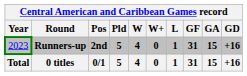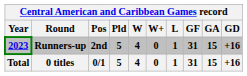 <table class="wikitable" style="text-align: center;">
 <tr>
 <th colspan=10><a href='#'>Central American and Caribbean Games</a> record</th>
 </tr>
 <tr>
 <th>Year</th>
 <th>Round</th>
 <th width=20>Pos</th>
 <th width=20>Pld</th>
 <th width=20>W</th>
 <th width=20>W+</th>
 <th width=20>L</th>
 <th width=20>GF</th>
 <th width=20>GA</th>
 <th width=20>GD</th>
 </tr>
 <tr style="background:silver;">
-<td style="border: 3px solid green"> <a href='#'>2023</a></td>
+<td style="border: 3px solid green"><strong> <a href='#'>2023</a></strong></td>
 <td><strong>Runners-up</strong></td>
 <td><strong>2nd</strong></td>
 <td><strong>5</strong></td>
 <td><strong>4</strong></td>
 <td><strong>0</strong></td>
 <td><strong>1</strong></td>
 <td><strong>31</strong></td>
 <td><strong>15</strong></td>
 <td><strong>+16</strong></td>
 </tr>
 <tr>
 <th>Total</th>
 <th>0 titles</th>
 <th>0/1</th>
 <th>5</th>
 <th>4</th>
 <th>0</th>
 <th>1</th>
 <th>31</th>
 <th>15</th>
 <th>+16</th>
 </tr>
 </table>
